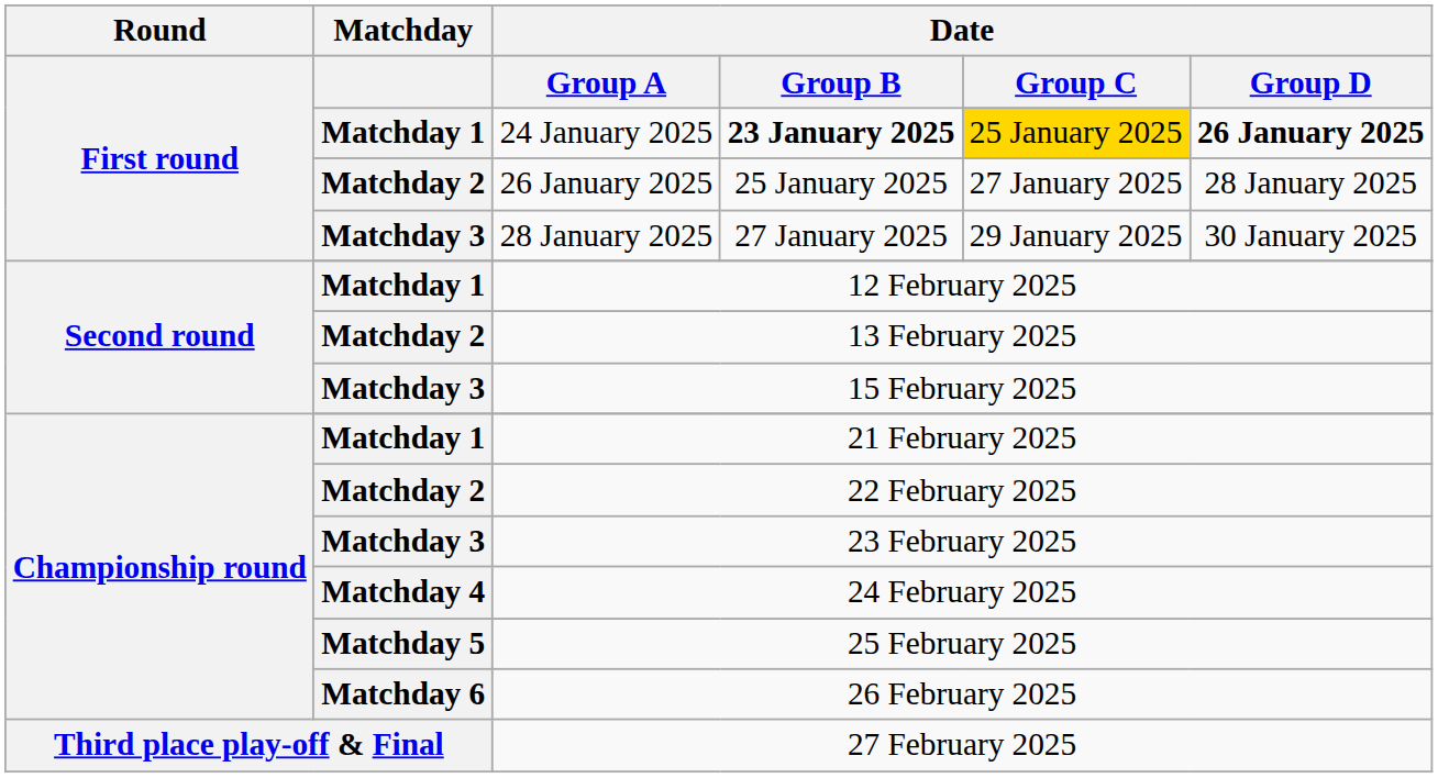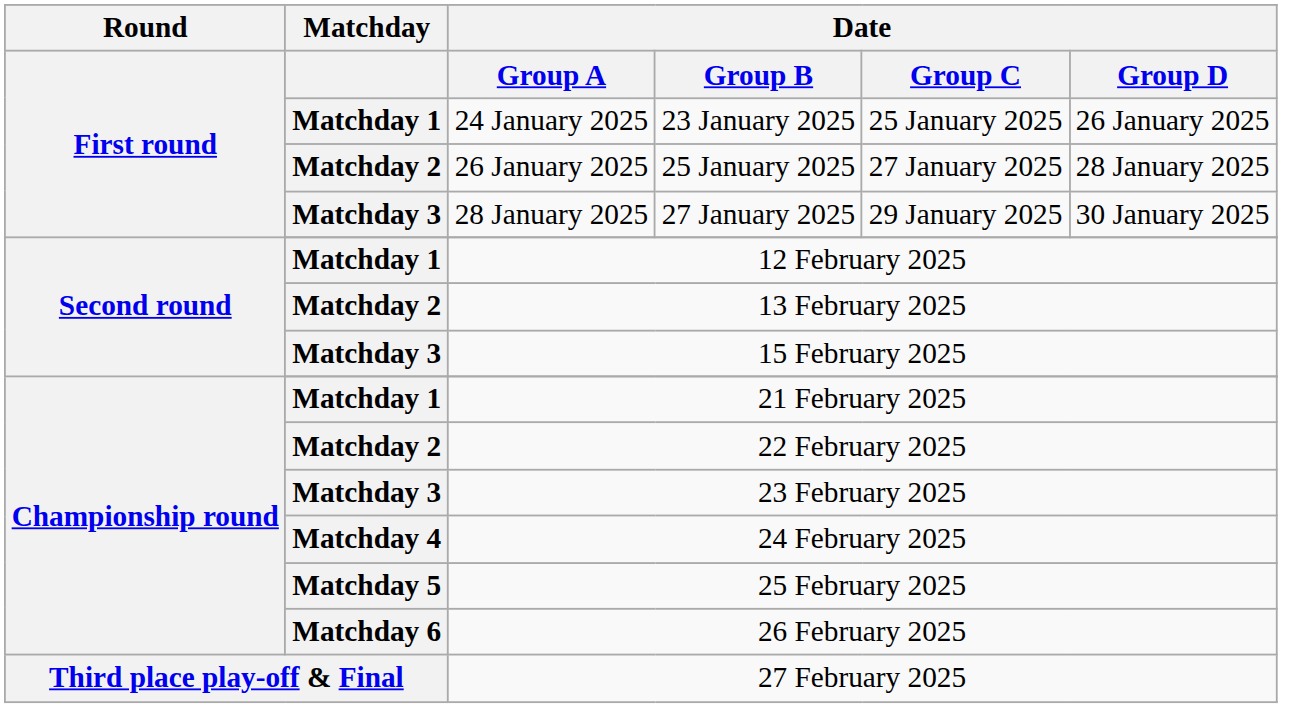 <table class="wikitable" style="text-align:center">
 <tr>
 <th align="center">Round</th>
 <th align="center">Matchday</th>
 <th align="center" colspan="4">Date</th>
 </tr>
 <tr>
 <th rowspan="4"><a href='#'>First round</a></th>
 <th></th>
 <th><a href='#'>Group A</a></th>
 <th><a href='#'>Group B</a></th>
 <th><a href='#'>Group C</a></th>
 <th><a href='#'>Group D</a></th>
 </tr>
 <tr>
 <th>Matchday 1</th>
 <td>24 January 2025</td>
-<td><strong>23 January 2025</strong></td>
-<td style="background: gold;">25 January 2025</td>
-<td><strong>26 January 2025</strong></td>
+<td>23 January 2025</td>
+<td>25 January 2025</td>
+<td>26 January 2025</td>
 </tr>
 <tr>
 <th>Matchday 2</th>
 <td>26 January 2025</td>
 <td>25 January 2025</td>
 <td>27 January 2025</td>
 <td>28 January 2025</td>
 </tr>
 <tr>
 <th>Matchday 3</th>
 <td>28 January 2025</td>
 <td>27 January 2025</td>
 <td>29 January 2025</td>
 <td>30 January 2025</td>
 </tr>
 <tr>
 <th rowspan="4"><a href='#'>Second round</a></th>
 </tr>
 <tr>
 <th>Matchday 1</th>
 <td colspan="4">12 February 2025</td>
 </tr>
 <tr>
 <th>Matchday 2</th>
 <td colspan="4">13 February 2025</td>
 </tr>
 <tr>
 <th>Matchday 3</th>
 <td colspan="4">15 February 2025</td>
 </tr>
 <tr>
 <th rowspan="7"><a href='#'>Championship round</a></th>
 </tr>
 <tr>
 <th>Matchday 1</th>
 <td colspan="4">21 February 2025</td>
 </tr>
 <tr>
 <th>Matchday 2</th>
 <td colspan="4">22 February 2025</td>
 </tr>
 <tr>
 <th>Matchday 3</th>
 <td colspan="4">23 February 2025</td>
 </tr>
 <tr>
 <th>Matchday 4</th>
 <td colspan="4">24 February 2025</td>
 </tr>
 <tr>
 <th>Matchday 5</th>
 <td colspan="4">25 February 2025</td>
 </tr>
 <tr>
 <th>Matchday 6</th>
 <td colspan="4">26 February 2025</td>
 </tr>
 <tr>
 <th colspan="2"><a href='#'>Third place play-off</a> & <a href='#'>Final</a></th>
 <td colspan="4">27 February 2025</td>
 </tr>
 </table>
